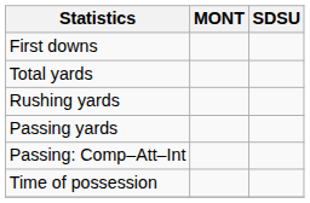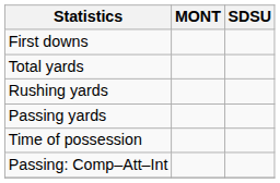 <table class="wikitable" style="float: left;">
 <tr>
 <th>Statistics</th>
 <th>MONT</th>
 <th>SDSU</th>
 </tr>
 <tr>
 <td>First downs</td>
 <td></td>
 <td></td>
 </tr>
 <tr>
 <td>Total yards</td>
 <td></td>
 <td></td>
 </tr>
 <tr>
 <td>Rushing yards</td>
 <td></td>
 <td></td>
 </tr>
 <tr>
 <td>Passing yards</td>
 <td></td>
 <td></td>
 </tr>
 <tr>
-<td>Passing: Comp–Att–Int</td>
+<td>Time of possession</td>
 <td></td>
 <td></td>
 </tr>
 <tr>
-<td>Time of possession</td>
+<td>Passing: Comp–Att–Int</td>
 <td></td>
 <td></td>
 </tr>
 <tr>
 </tr>
 </table>
